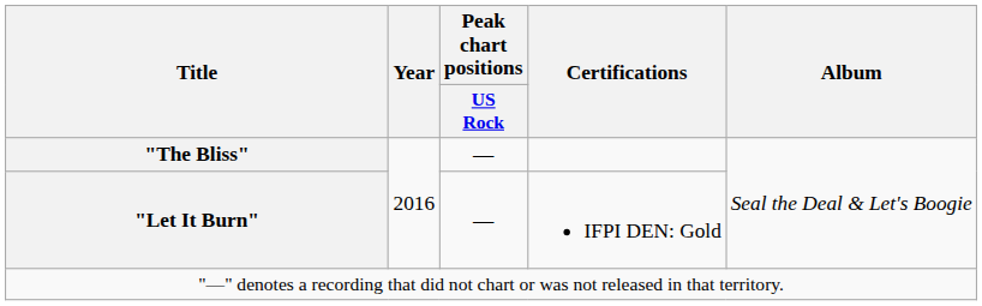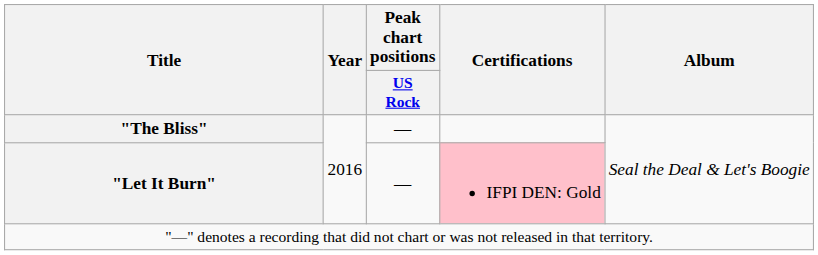 <table class="wikitable plainrowheaders" style="text-align:center;">
 <tr>
 <th scope="col" rowspan="2" style="width:18em;">Title</th>
 <th scope="col" rowspan="2">Year</th>
 <th scope="col" colspan="1">Peak chart positions</th>
 <th scope="col" rowspan="2">Certifications</th>
 <th scope="col" rowspan="2">Album</th>
 </tr>
 <tr>
 <th scope="col" style="width:3em;font-size:90%;"><a href='#'>US<br>Rock</a><br></th>
 </tr>
 <tr>
 <th scope="row">"The Bliss"</th>
 <td rowspan=2>2016</td>
 <td>—</td>
 <td></td>
 <td rowspan = 2><em>Seal the Deal & Let's Boogie</em></td>
 </tr>
 <tr>
 <th scope="row">"Let It Burn"</th>
 <td>—</td>
-<td><br><ul><li>IFPI DEN: Gold</li></ul></td>
+<td style="background: pink;"><br><ul><li>IFPI DEN: Gold</li></ul></td>
 </tr>
 <tr>
 <td colspan="6" style="font-size:90%">"—" denotes a recording that did not chart or was not released in that territory.</td>
 </tr>
 </table>
